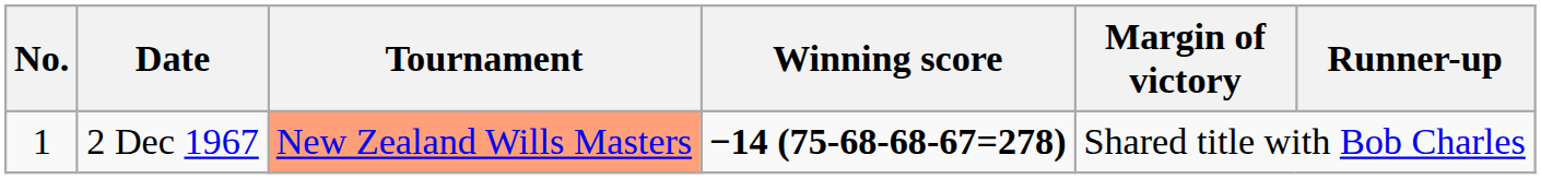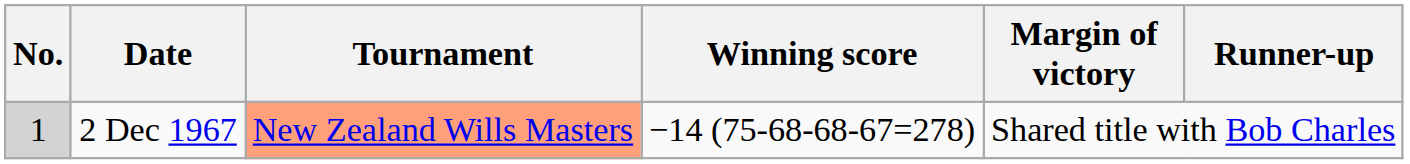 <table class="wikitable" style="font-size:95%;">
 <tr>
 <th>No.</th>
 <th>Date</th>
 <th>Tournament</th>
 <th>Winning score</th>
 <th>Margin of<br>victory</th>
 <th>Runner-up</th>
 </tr>
 <tr>
-<td align=center>1</td>
+<td align=center style="background: lightgrey;">1</td>
 <td align=right>2 Dec <a href='#'>1967</a></td>
 <td style="background: lightsalmon;"><a href='#'>New Zealand Wills Masters</a></td>
-<td><strong>−14 (75-68-68-67=278)</strong></td>
+<td>−14 (75-68-68-67=278)</td>
 <td colspan=2>Shared title with  <a href='#'>Bob Charles</a></td>
 </tr>
 </table>
